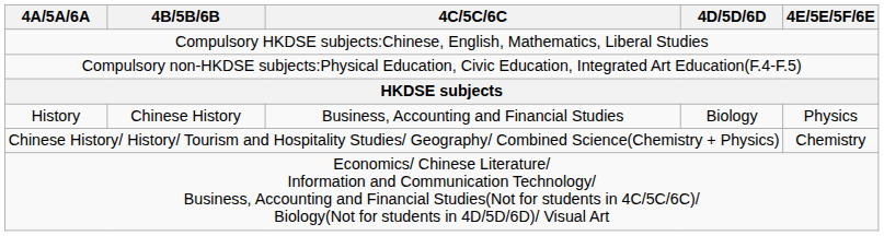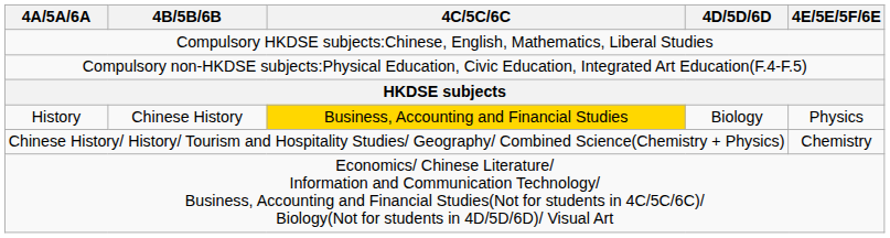 <table class="wikitable" border="1">
 <tr>
 <th align="center">4A/5A/6A</th>
 <th align="center">4B/5B/6B</th>
 <th align="center">4C/5C/6C</th>
 <th align="center">4D/5D/6D</th>
 <th align="center">4E/5E/5F/6E</th>
 </tr>
 <tr>
 <td colspan=5 align="center">Compulsory HKDSE subjects:Chinese, English, Mathematics, Liberal Studies</td>
 </tr>
 <tr>
 <td colspan=5 align="center">Compulsory non-HKDSE subjects:Physical Education, Civic Education, Integrated Art Education(F.4-F.5)</td>
 </tr>
 <tr>
 <th colspan=5 align="center">HKDSE subjects</th>
 </tr>
 <tr>
 <td align="center">History</td>
 <td align="center">Chinese History</td>
-<td align="center">Business, Accounting and Financial Studies</td>
+<td align="center" style="background: gold;">Business, Accounting and Financial Studies</td>
 <td align="center">Biology</td>
 <td align="center">Physics</td>
 </tr>
 <tr>
 <td colspan=4 align="center">Chinese History/ History/ Tourism and Hospitality Studies/ Geography/ Combined Science(Chemistry + Physics)</td>
 <td colspan=1 align="center">Chemistry</td>
 </tr>
 <tr>
 <td Colspan=5 align="center">Economics/ Chinese Literature/ <br> Information and Communication Technology/<br> Business, Accounting and Financial Studies(Not for students in 4C/5C/6C)/<br> Biology(Not for students in 4D/5D/6D)/ Visual Art</td>
 </tr>
 </table>
